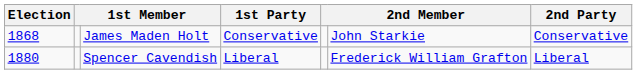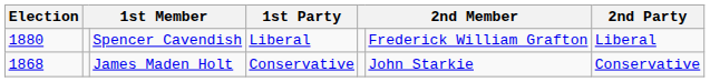 <table class="wikitable">
 <tr>
 <th>Election</th>
 <th colspan="2">1st Member</th>
 <th>1st Party</th>
 <th colspan="2">2nd Member</th>
 <th>2nd Party</th>
+</tr>
+<tr>
+<td><a href='#'>1880</a></td>
+<td style="color:inherit;background-color: "></td>
+<td><a href='#'>Spencer Cavendish</a></td>
+<td><a href='#'>Liberal</a></td>
+<td style="color:inherit;background-color: "></td>
+<td><a href='#'>Frederick William Grafton</a></td>
+<td><a href='#'>Liberal</a></td>
 </tr>
 <tr>
 <td><a href='#'>1868</a></td>
 <td style="color:inherit;background-color: "></td>
 <td><a href='#'>James Maden Holt</a></td>
 <td><a href='#'>Conservative</a></td>
 <td style="color:inherit;background-color: "></td>
 <td><a href='#'>John Starkie</a></td>
 <td><a href='#'>Conservative</a></td>
 </tr>
-<tr>
-<td><a href='#'>1880</a></td>
-<td style="color:inherit;background-color: "></td>
-<td><a href='#'>Spencer Cavendish</a></td>
-<td><a href='#'>Liberal</a></td>
-<td style="color:inherit;background-color: "></td>
-<td><a href='#'>Frederick William Grafton</a></td>
-<td><a href='#'>Liberal</a></td>
-</tr>
 </table>
